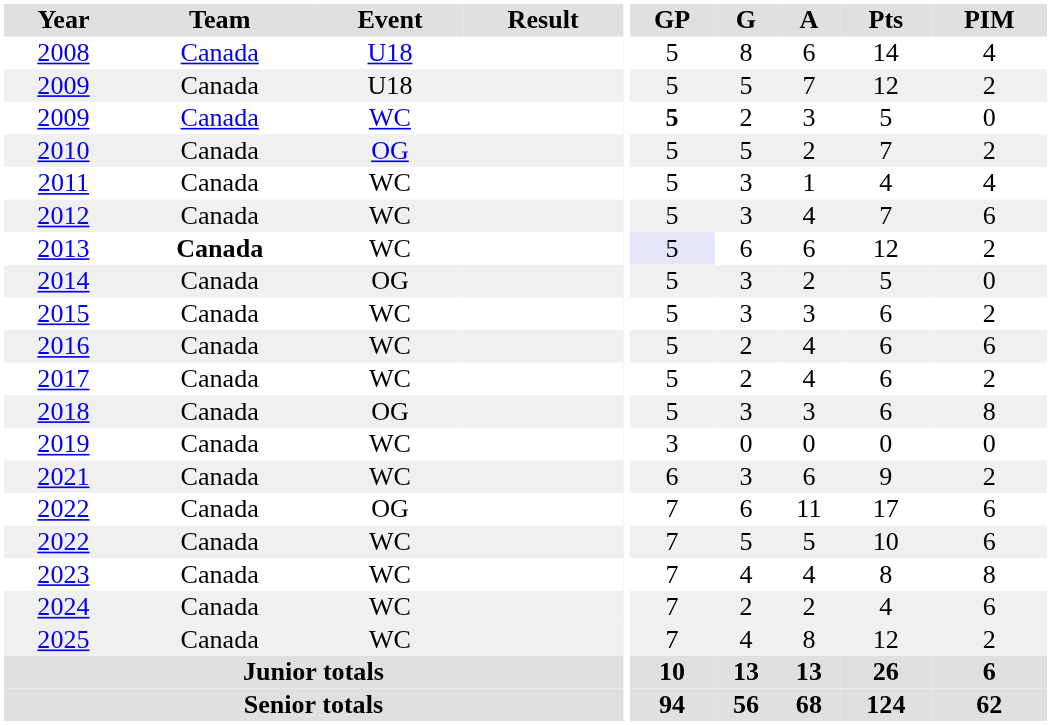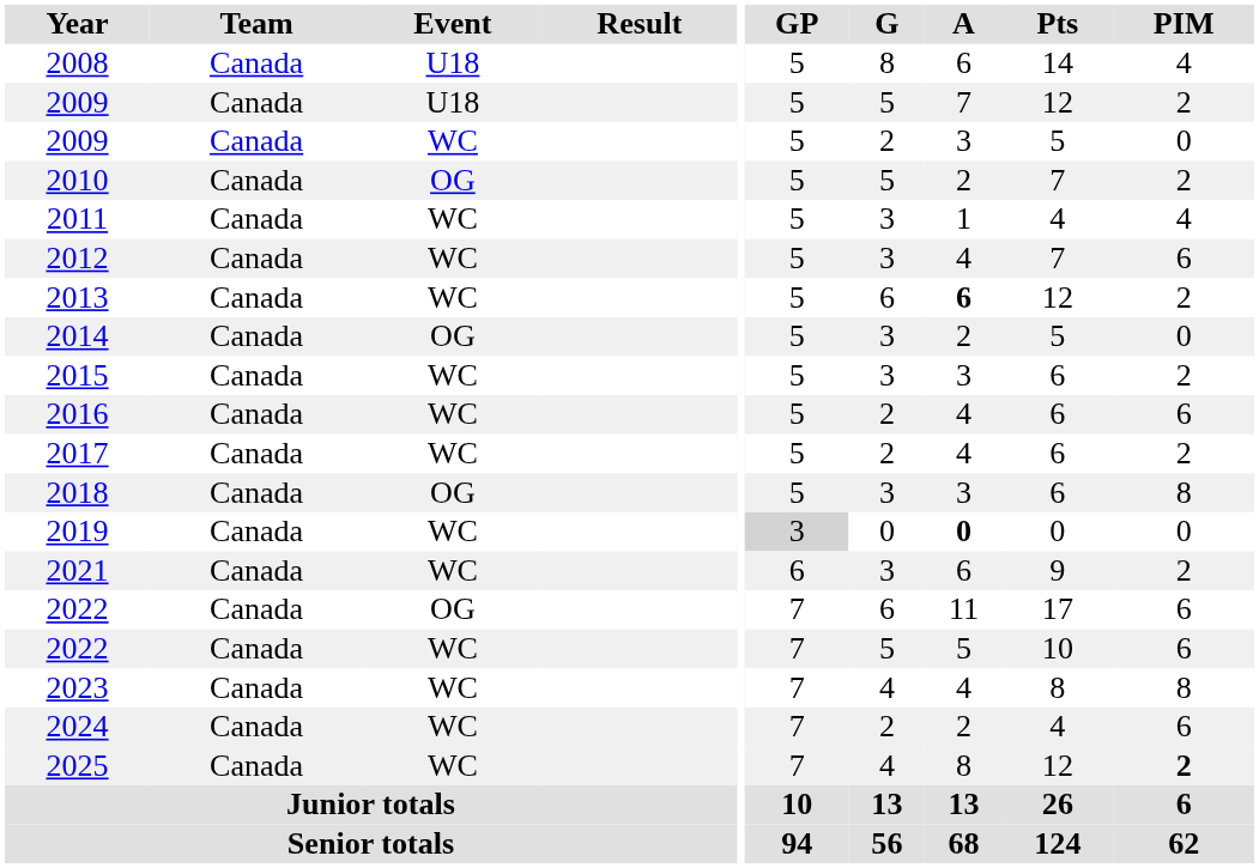 <table border="0" cellpadding="1" cellspacing="0" ID="Table3" style="text-align:center; width:40em">
 <tr ALIGN="center" bgcolor="#e0e0e0">
 <th>Year</th>
 <th>Team</th>
 <th>Event</th>
 <th>Result</th>
 <th rowspan="99" bgcolor="#ffffff"></th>
 <th>GP</th>
 <th>G</th>
 <th>A</th>
 <th>Pts</th>
 <th>PIM</th>
 </tr>
 <tr ALIGN="center">
 <td><a href='#'>2008</a></td>
 <td><a href='#'>Canada</a></td>
 <td><a href='#'>U18</a></td>
 <td></td>
 <td>5</td>
 <td>8</td>
 <td>6</td>
 <td>14</td>
 <td>4</td>
 </tr>
 <tr ALIGN="center" bgcolor="#f0f0f0">
 <td><a href='#'>2009</a></td>
 <td>Canada</td>
 <td>U18</td>
 <td></td>
 <td>5</td>
 <td>5</td>
 <td>7</td>
 <td>12</td>
 <td>2</td>
 </tr>
 <tr ALIGN="center">
 <td><a href='#'>2009</a></td>
 <td><a href='#'>Canada</a></td>
 <td><a href='#'>WC</a></td>
 <td></td>
-<td><strong>5</strong></td>
+<td>5</td>
 <td>2</td>
 <td>3</td>
 <td>5</td>
 <td>0</td>
 </tr>
 <tr ALIGN="center" bgcolor="#f0f0f0">
 <td><a href='#'>2010</a></td>
 <td>Canada</td>
 <td><a href='#'>OG</a></td>
 <td></td>
 <td>5</td>
 <td>5</td>
 <td>2</td>
 <td>7</td>
 <td>2</td>
 </tr>
 <tr ALIGN="center">
 <td><a href='#'>2011</a></td>
 <td>Canada</td>
 <td>WC</td>
 <td></td>
 <td>5</td>
 <td>3</td>
 <td>1</td>
 <td>4</td>
 <td>4</td>
 </tr>
 <tr ALIGN="center" bgcolor="#f0f0f0">
 <td><a href='#'>2012</a></td>
 <td>Canada</td>
 <td>WC</td>
 <td></td>
 <td>5</td>
 <td>3</td>
 <td>4</td>
 <td>7</td>
 <td>6</td>
 </tr>
 <tr ALIGN="center">
 <td><a href='#'>2013</a></td>
-<td><strong>Canada</strong></td>
+<td>Canada</td>
 <td>WC</td>
 <td></td>
-<td style="background: lavender;">5</td>
+<td>5</td>
 <td>6</td>
-<td>6</td>
+<td><strong>6</strong></td>
 <td>12</td>
 <td>2</td>
 </tr>
 <tr ALIGN="center" bgcolor="#f0f0f0">
 <td><a href='#'>2014</a></td>
 <td>Canada</td>
 <td>OG</td>
 <td></td>
 <td>5</td>
 <td>3</td>
 <td>2</td>
 <td>5</td>
 <td>0</td>
 </tr>
 <tr ALIGN="center">
 <td><a href='#'>2015</a></td>
 <td>Canada</td>
 <td>WC</td>
 <td></td>
 <td>5</td>
 <td>3</td>
 <td>3</td>
 <td>6</td>
 <td>2</td>
 </tr>
 <tr ALIGN="center" bgcolor="#f0f0f0">
 <td><a href='#'>2016</a></td>
 <td>Canada</td>
 <td>WC</td>
 <td></td>
 <td>5</td>
 <td>2</td>
 <td>4</td>
 <td>6</td>
 <td>6</td>
 </tr>
 <tr ALIGN="center">
 <td><a href='#'>2017</a></td>
 <td>Canada</td>
 <td>WC</td>
 <td></td>
 <td>5</td>
 <td>2</td>
 <td>4</td>
 <td>6</td>
 <td>2</td>
 </tr>
 <tr ALIGN="center" bgcolor="#f0f0f0">
 <td><a href='#'>2018</a></td>
 <td>Canada</td>
 <td>OG</td>
 <td></td>
 <td>5</td>
 <td>3</td>
 <td>3</td>
 <td>6</td>
 <td>8</td>
 </tr>
 <tr ALIGN="center">
 <td><a href='#'>2019</a></td>
 <td>Canada</td>
 <td>WC</td>
 <td></td>
-<td>3</td>
+<td style="background: lightgrey;">3</td>
 <td>0</td>
-<td>0</td>
+<td><strong>0</strong></td>
 <td>0</td>
 <td>0</td>
 </tr>
 <tr ALIGN="center" bgcolor="#f0f0f0">
 <td><a href='#'>2021</a></td>
 <td>Canada</td>
 <td>WC</td>
 <td></td>
 <td>6</td>
 <td>3</td>
 <td>6</td>
 <td>9</td>
 <td>2</td>
 </tr>
 <tr ALIGN="center">
 <td><a href='#'>2022</a></td>
 <td>Canada</td>
 <td>OG</td>
 <td></td>
 <td>7</td>
 <td>6</td>
 <td>11</td>
 <td>17</td>
 <td>6</td>
 </tr>
 <tr ALIGN="center" bgcolor="#f0f0f0">
 <td><a href='#'>2022</a></td>
 <td>Canada</td>
 <td>WC</td>
 <td></td>
 <td>7</td>
 <td>5</td>
 <td>5</td>
 <td>10</td>
 <td>6</td>
 </tr>
 <tr ALIGN="center">
 <td><a href='#'>2023</a></td>
 <td>Canada</td>
 <td>WC</td>
 <td></td>
 <td>7</td>
 <td>4</td>
 <td>4</td>
 <td>8</td>
 <td>8</td>
 </tr>
 <tr ALIGN="center" bgcolor="#f0f0f0">
 <td><a href='#'>2024</a></td>
 <td>Canada</td>
 <td>WC</td>
 <td></td>
 <td>7</td>
 <td>2</td>
 <td>2</td>
 <td>4</td>
 <td>6</td>
 </tr>
 <tr ALIGN="center" bgcolor="#f0f0f0">
 <td><a href='#'>2025</a></td>
 <td>Canada</td>
 <td>WC</td>
 <td></td>
 <td>7</td>
 <td>4</td>
 <td>8</td>
 <td>12</td>
-<td>2</td>
+<td><strong>2</strong></td>
 </tr>
 <tr bgcolor="#e0e0e0">
 <th colspan="4">Junior totals</th>
 <th>10</th>
 <th>13</th>
 <th>13</th>
 <th>26</th>
 <th>6</th>
 </tr>
 <tr bgcolor="#e0e0e0">
 <th colspan="4">Senior totals</th>
 <th>94</th>
 <th>56</th>
 <th>68</th>
 <th>124</th>
 <th>62</th>
 </tr>
 </table>
